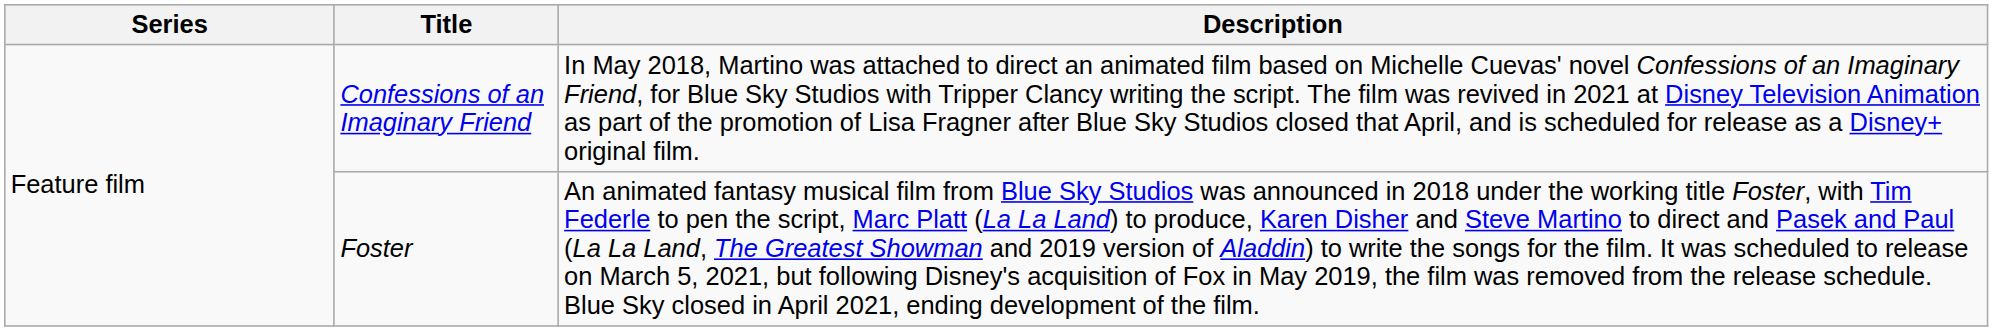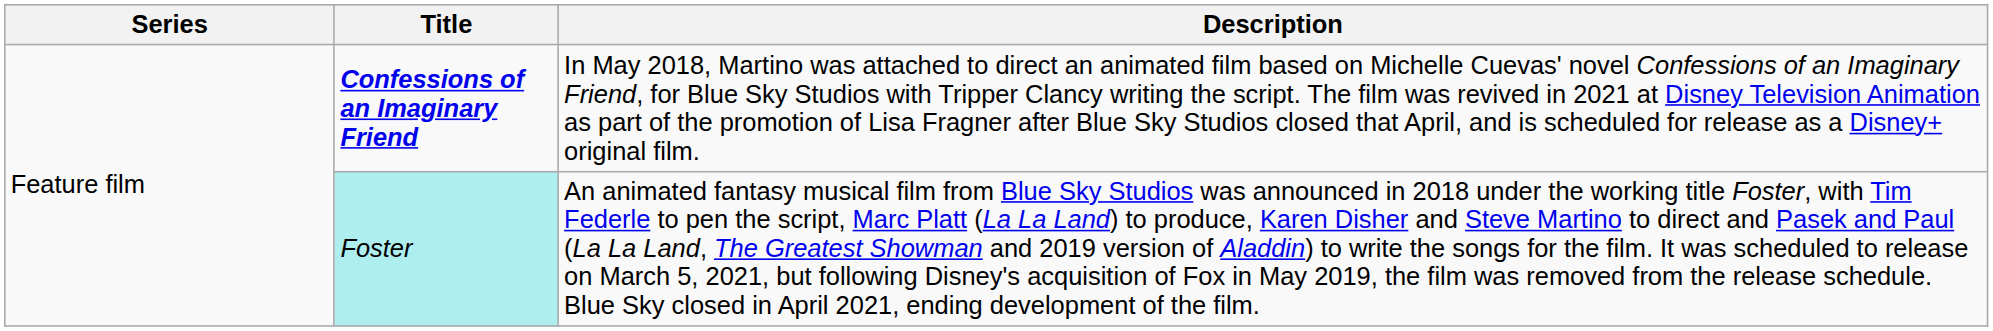 <table class="wikitable">
 <tr>
 <th style="width:150pt;">Series</th>
 <th style="width:100pt;">Title</th>
 <th>Description</th>
 </tr>
 <tr>
 <td rowspan="2">Feature film</td>
-<td><em><a href='#'>Confessions of an Imaginary Friend</a></em></td>
+<td><strong><em><a href='#'>Confessions of an Imaginary Friend</a></em></strong></td>
 <td>In May 2018, Martino was attached to direct an animated film based on Michelle Cuevas' novel <em>Confessions of an Imaginary Friend</em>, for Blue Sky Studios with Tripper Clancy writing the script. The film was revived in 2021 at <a href='#'>Disney Television Animation</a> as part of the promotion of Lisa Fragner after Blue Sky Studios closed that April, and is scheduled for release as a <a href='#'>Disney+</a> original film.</td>
 </tr>
 <tr>
-<td><em>Foster</em></td>
+<td style="background: paleturquoise;"><em>Foster</em></td>
 <td>An animated fantasy musical film from <a href='#'>Blue Sky Studios</a> was announced in 2018 under the working title <em>Foster</em>, with <a href='#'>Tim Federle</a> to pen the script, <a href='#'>Marc Platt</a> (<em><a href='#'>La La Land</a></em>) to produce, <a href='#'>Karen Disher</a> and <a href='#'>Steve Martino</a> to direct and <a href='#'>Pasek and Paul</a> (<em>La La Land</em>, <em><a href='#'>The Greatest Showman</a></em> and 2019 version of <em><a href='#'>Aladdin</a></em>) to write the songs for the film. It was scheduled to release on March 5, 2021, but following Disney's acquisition of Fox in May 2019, the film was removed from the release schedule. Blue Sky closed in April 2021, ending development of the film.</td>
 </tr>
 </table>
